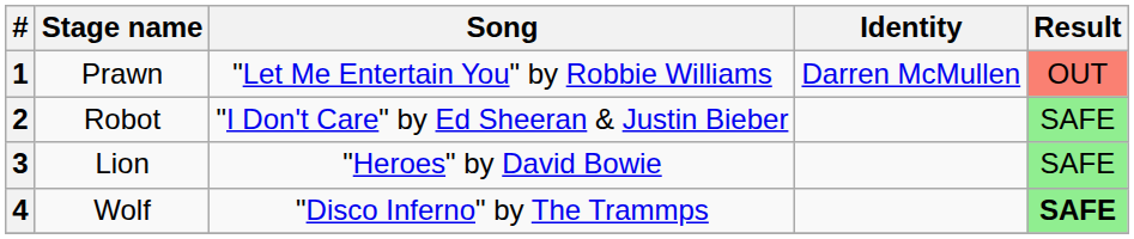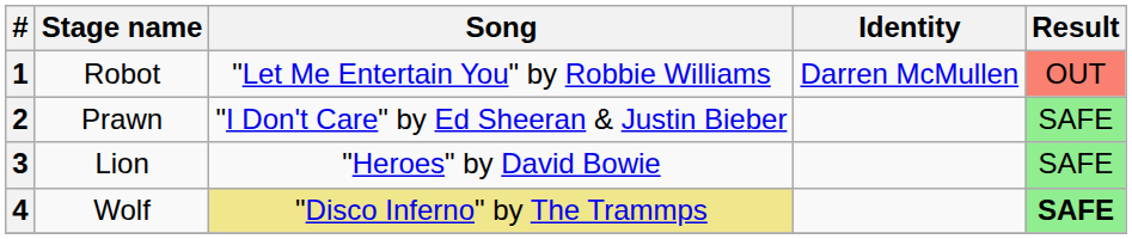 <table class="wikitable plainrowheaders" style="text-align: center;">
 <tr>
 <th>#</th>
 <th>Stage name</th>
 <th>Song</th>
 <th>Identity</th>
 <th>Result</th>
 </tr>
 <tr>
 <th>1</th>
-<td>Prawn</td>
+<td>Robot</td>
 <td>"<a href='#'>Let Me Entertain You</a>" by <a href='#'>Robbie Williams</a></td>
 <td><a href='#'>Darren McMullen</a></td>
 <td bgcolor=salmon>OUT</td>
 </tr>
 <tr>
 <th>2</th>
-<td>Robot</td>
+<td>Prawn</td>
 <td>"<a href='#'>I Don't Care</a>" by <a href='#'>Ed Sheeran</a> & <a href='#'>Justin Bieber</a></td>
 <td></td>
 <td bgcolor=lightgreen>SAFE</td>
 </tr>
 <tr>
 <th>3</th>
 <td>Lion</td>
 <td>"<a href='#'>Heroes</a>" by <a href='#'>David Bowie</a></td>
 <td></td>
 <td bgcolor=lightgreen>SAFE</td>
 </tr>
 <tr>
 <th>4</th>
 <td>Wolf</td>
-<td>"<a href='#'>Disco Inferno</a>" by <a href='#'>The Trammps</a></td>
+<td style="background: khaki;">"<a href='#'>Disco Inferno</a>" by <a href='#'>The Trammps</a></td>
 <td></td>
 <td bgcolor=lightgreen><strong>SAFE</strong></td>
 </tr>
 <tr>
 </tr>
 </table>
